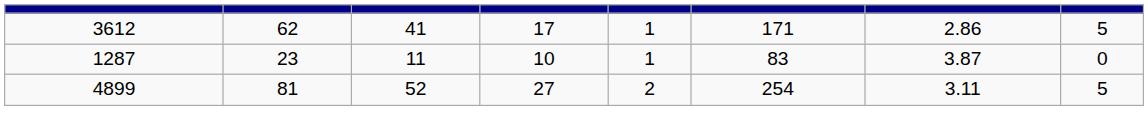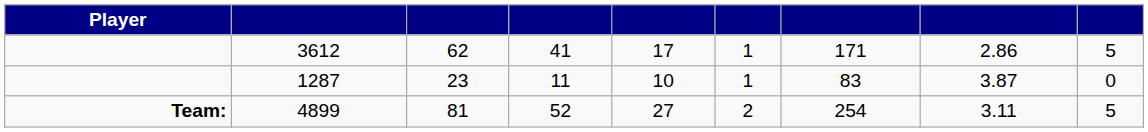 <table style="width:60%;" class="wikitable sortable">
 <tr>
+<th style="color:white; background:#000084; ">Player</th>
 <th style="color:white; background:#000084; "></th>
 <th style="color:white; background:#000084; "></th>
 <th style="color:white; background:#000084; "></th>
 <th style="color:white; background:#000084; "></th>
 <th style="color:white; background:#000084; "></th>
 <th style="color:white; background:#000084; "></th>
 <th style="color:white; background:#000084; "></th>
 <th style="color:white; background:#000084; "></th>
 </tr>
 <tr align="center">
+<td align="right"></td>
 <td>3612</td>
 <td>62</td>
 <td>41</td>
 <td>17</td>
 <td>1</td>
 <td>171</td>
 <td>2.86</td>
 <td>5</td>
 </tr>
 <tr align="center">
+<td align="right"></td>
 <td>1287</td>
 <td>23</td>
 <td>11</td>
 <td>10</td>
 <td>1</td>
 <td>83</td>
 <td>3.87</td>
 <td>0</td>
 </tr>
 <tr align="center">
+<td align="right"><strong>Team:</strong></td>
 <td>4899</td>
 <td>81</td>
 <td>52</td>
 <td>27</td>
 <td>2</td>
 <td>254</td>
 <td>3.11</td>
 <td>5</td>
 </tr>
 </table>
